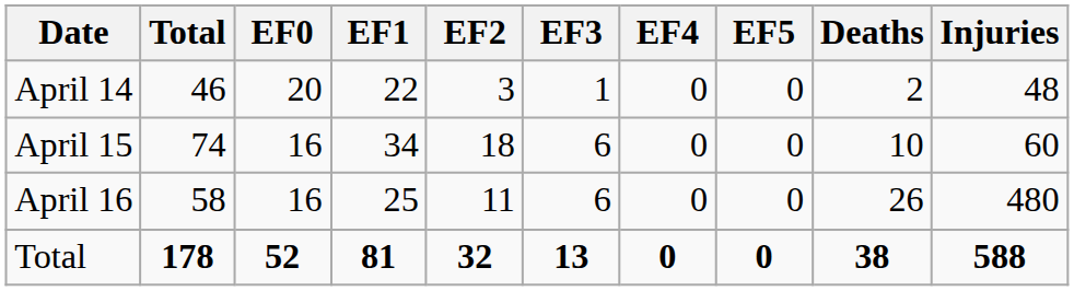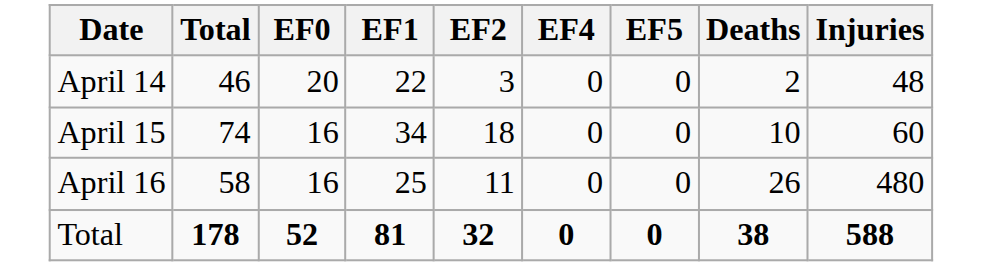 <table class="wikitable sortable" style="margin: 1em auto 1em auto;">
 <tr>
 <th scope="col">Date</th>
 <th scope="col" style="text-align:center;">Total</th>
 <th scope="col" style="text-align:center;"> EF0 </th>
 <th scope="col" style="text-align:center;"> EF1 </th>
 <th scope="col" style="text-align:center;"> EF2 </th>
-<th scope="col" style="text-align:center;"> EF3 </th>
 <th scope="col" style="text-align:center;"> EF4 </th>
 <th scope="col" style="text-align:center;"> EF5 </th>
 <th scope="col" style="text-align:center;">Deaths</th>
 <th scope="col" style="text-align:center;">Injuries</th>
 </tr>
 <tr>
 <td>April 14</td>
 <td align="right">46</td>
 <td align="right">20</td>
 <td align="right">22</td>
 <td align="right">3</td>
-<td align="right">1</td>
 <td align="right">0</td>
 <td align="right">0</td>
 <td align="right">2</td>
 <td align="right">48</td>
 </tr>
 <tr>
 <td>April 15</td>
 <td align="right">74</td>
 <td align="right">16</td>
 <td align="right">34</td>
 <td align="right">18</td>
-<td align="right">6</td>
 <td align="right">0</td>
 <td align="right">0</td>
 <td align="right">10</td>
 <td align="right">60</td>
 </tr>
 <tr>
 <td>April 16</td>
 <td align="right">58</td>
 <td align="right">16</td>
 <td align="right">25</td>
 <td align="right">11</td>
-<td align="right">6</td>
 <td align="right">0</td>
 <td align="right">0</td>
 <td align="right">26</td>
 <td align="right">480</td>
 </tr>
 <tr class="sortbottom">
 <td>Total</td>
 <td align="center"><strong>178</strong></td>
 <td align="center"><strong>52</strong></td>
 <td align="center"><strong>81</strong></td>
 <td align="center"><strong>32</strong></td>
-<td align="center"><strong>13</strong></td>
 <td align="center"><strong>0</strong></td>
 <td align="center"><strong>0</strong></td>
 <td style="text-align:center;"><strong>38</strong></td>
 <td style="text-align:center;"><strong>588</strong></td>
 </tr>
 </table>
